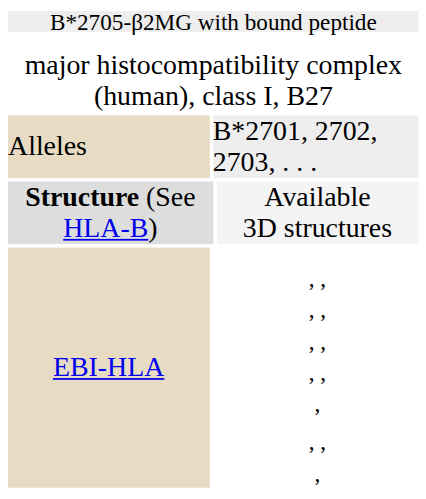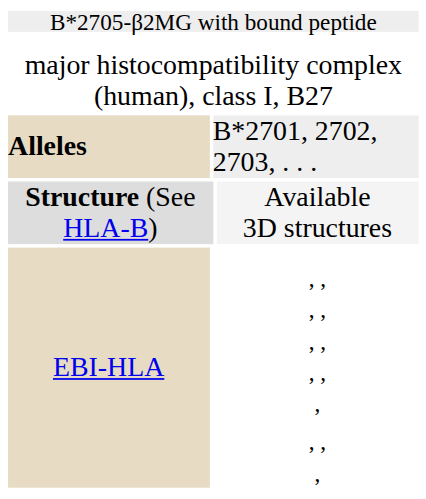 <table id="drugInfoBox" style="float: right; clear: right; margin: 0 0 0.5em 1em; background: #ffffff;" class="toccolours" border=0 cellpadding=0 align="right" width="240px">
 <tr align="center">
 <td colspan="3"></td>
 </tr>
 <tr style="text-align: center; line-height: 0.75;background:#eeeeee">
 <td colspan="3" color="white"><small>B*2705-β2MG with bound peptide </small></td>
 </tr>
 <tr style="text-align: center; line-height: 1.00;background:#eeeeee">
 <td colspan="3" color="white"></td>
 </tr>
 <tr>
 <td align="center" colspan="3"></td>
 </tr>
 <tr style="text-align: center; line-height: 1.00;background:#eeeeee">
 <td colspan="3" color="white"></td>
 </tr>
 <tr>
 <td align="center" colspan="3"></td>
 </tr>
 <tr>
 <td align="center" colspan="3"><div>major histocompatibility complex (human), class I, B27</div></td>
 </tr>
 <tr>
-<td bgcolor="#e7dcc3">Alleles</td>
+<td bgcolor="#e7dcc3"><strong>Alleles</strong></td>
 <td colspan = 2  bgcolor="#eeeeee">B*2701, 2702, 2703, . . . <br></td>
 </tr>
 <tr align="center">
 <td colspan="2" bgcolor="#dddddd"><strong>Structure</strong> (See <a href='#'>HLA-B</a>)</td>
 <td bgcolor="#f4f4f4">Available<br>3D structures</td>
 </tr>
 <tr align="center">
 <td rowspan=7 bgcolor="#e7dcc3"><a href='#'>EBI-HLA</a></td>
 <td bgcolor="#eeeeee"> </td>
 </tr>
 <tr align="center">
 <td bgcolor="#eeeeee"> </td>
 </tr>
 <tr align="center">
 <td bgcolor="#eeeeee"> </td>
 </tr>
 <tr align="center">
 <td bgcolor="#eeeeee"> </td>
 </tr>
 <tr align="center">
 <td bgcolor="#eeeeee"> </td>
 <td><small> , ,<br>, ,<br>, ,<br> , ,<br> , </small></td>
 </tr>
 <tr align="center">
 <td bgcolor="#eeeeee"> </td>
 </tr>
 <tr align="center">
 <td bgcolor="#eeeeee"> </td>
 <td><small>, ,<br> , </small></td>
 </tr>
 <tr align="center">
 </tr>
 </table>
